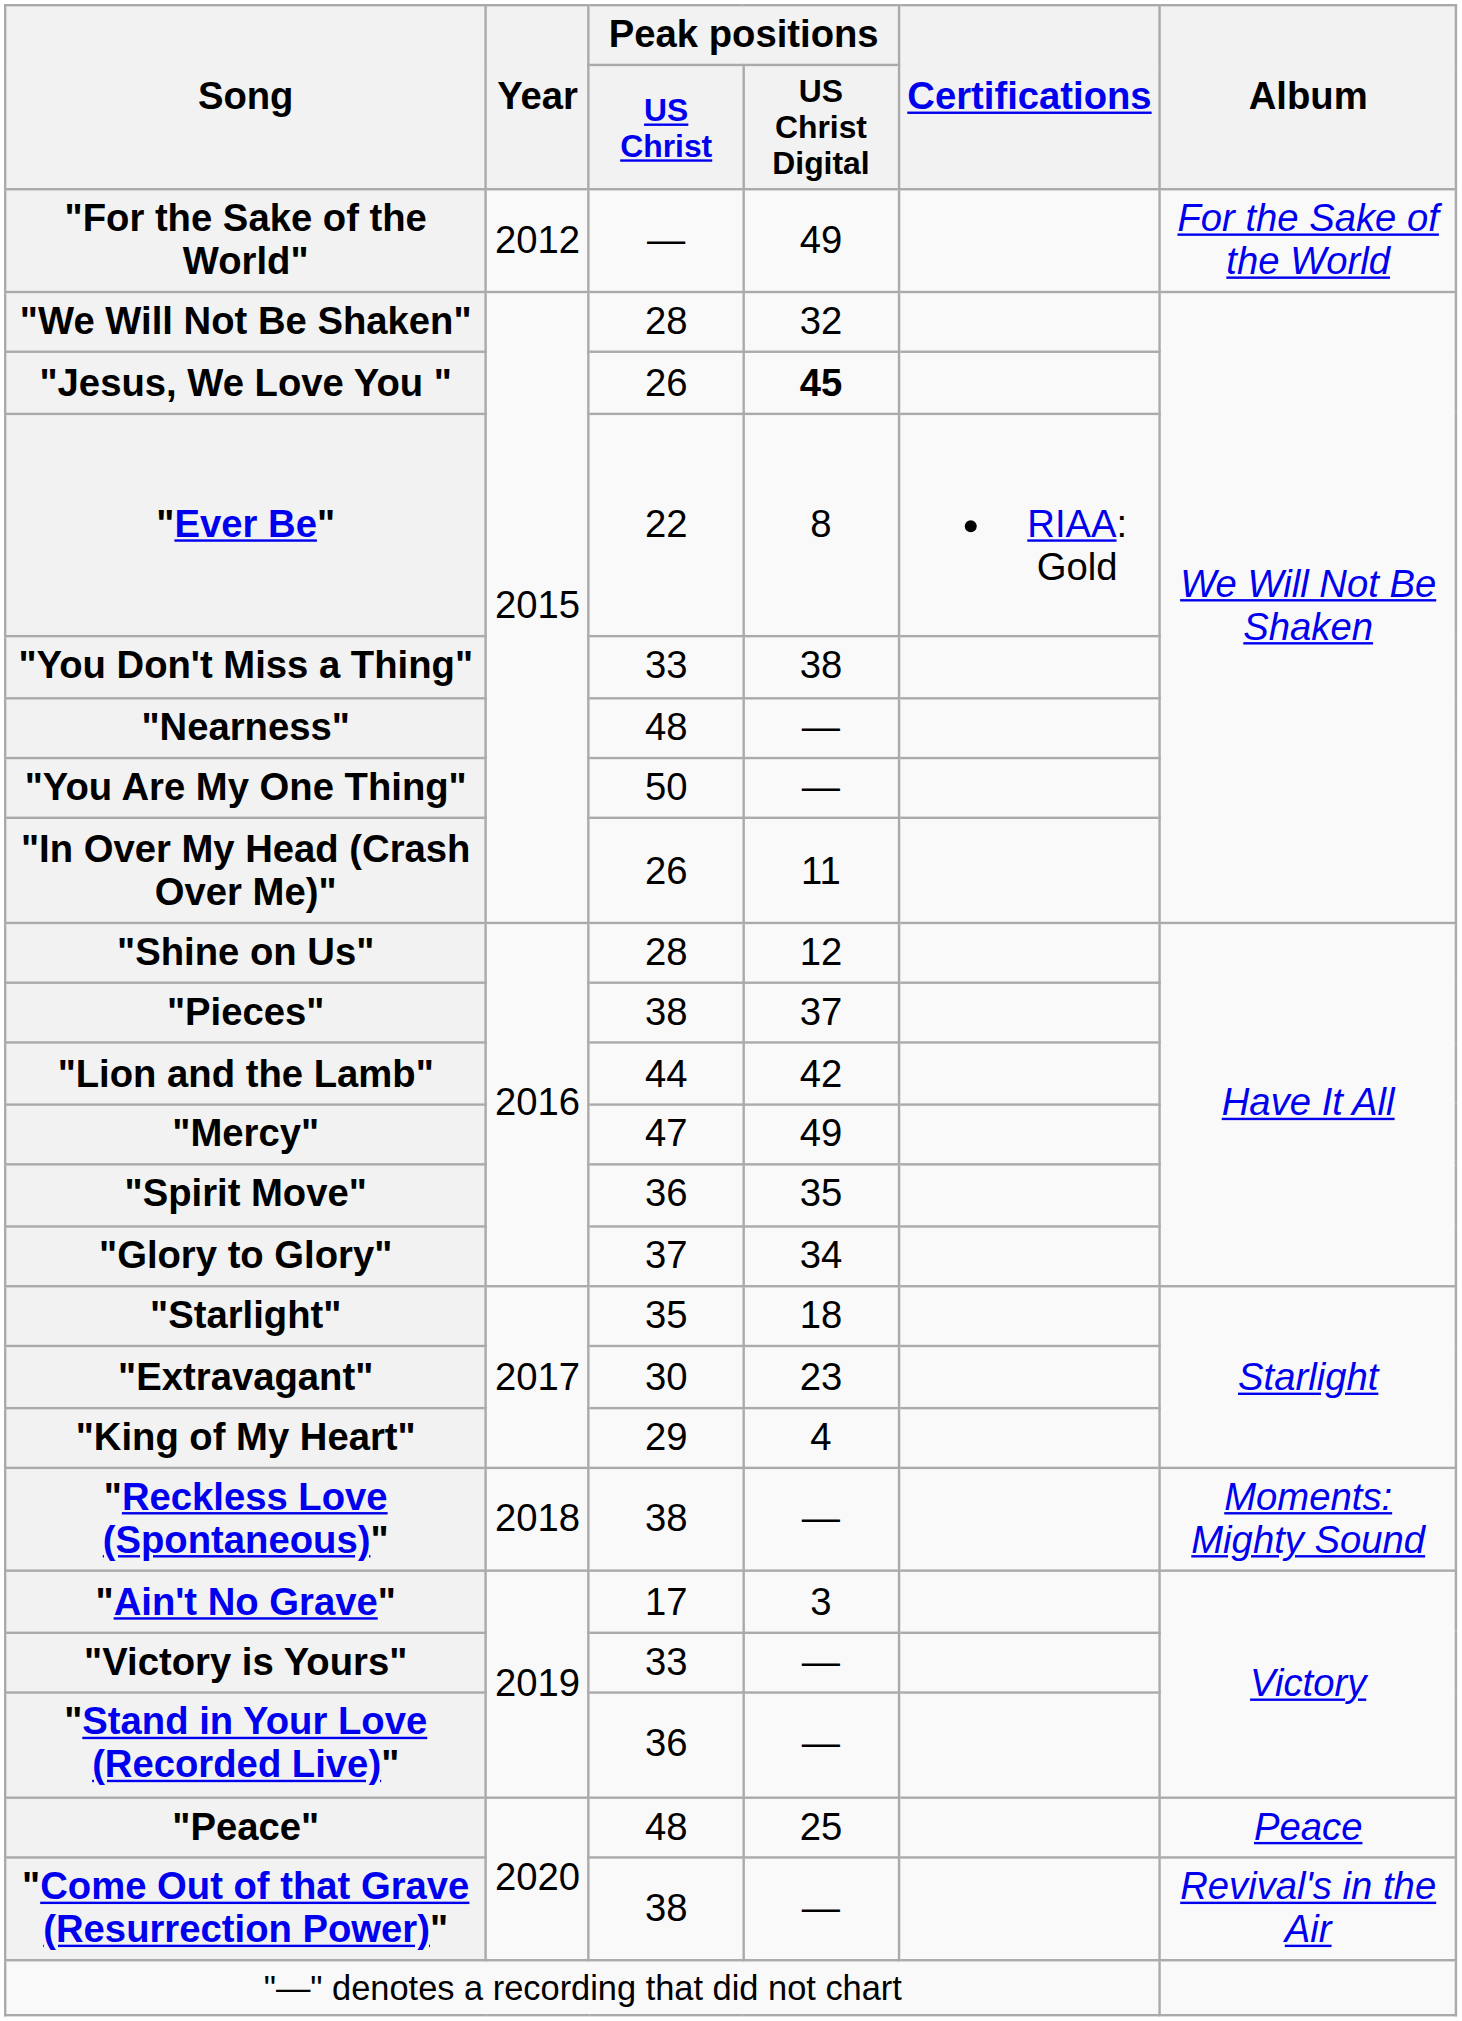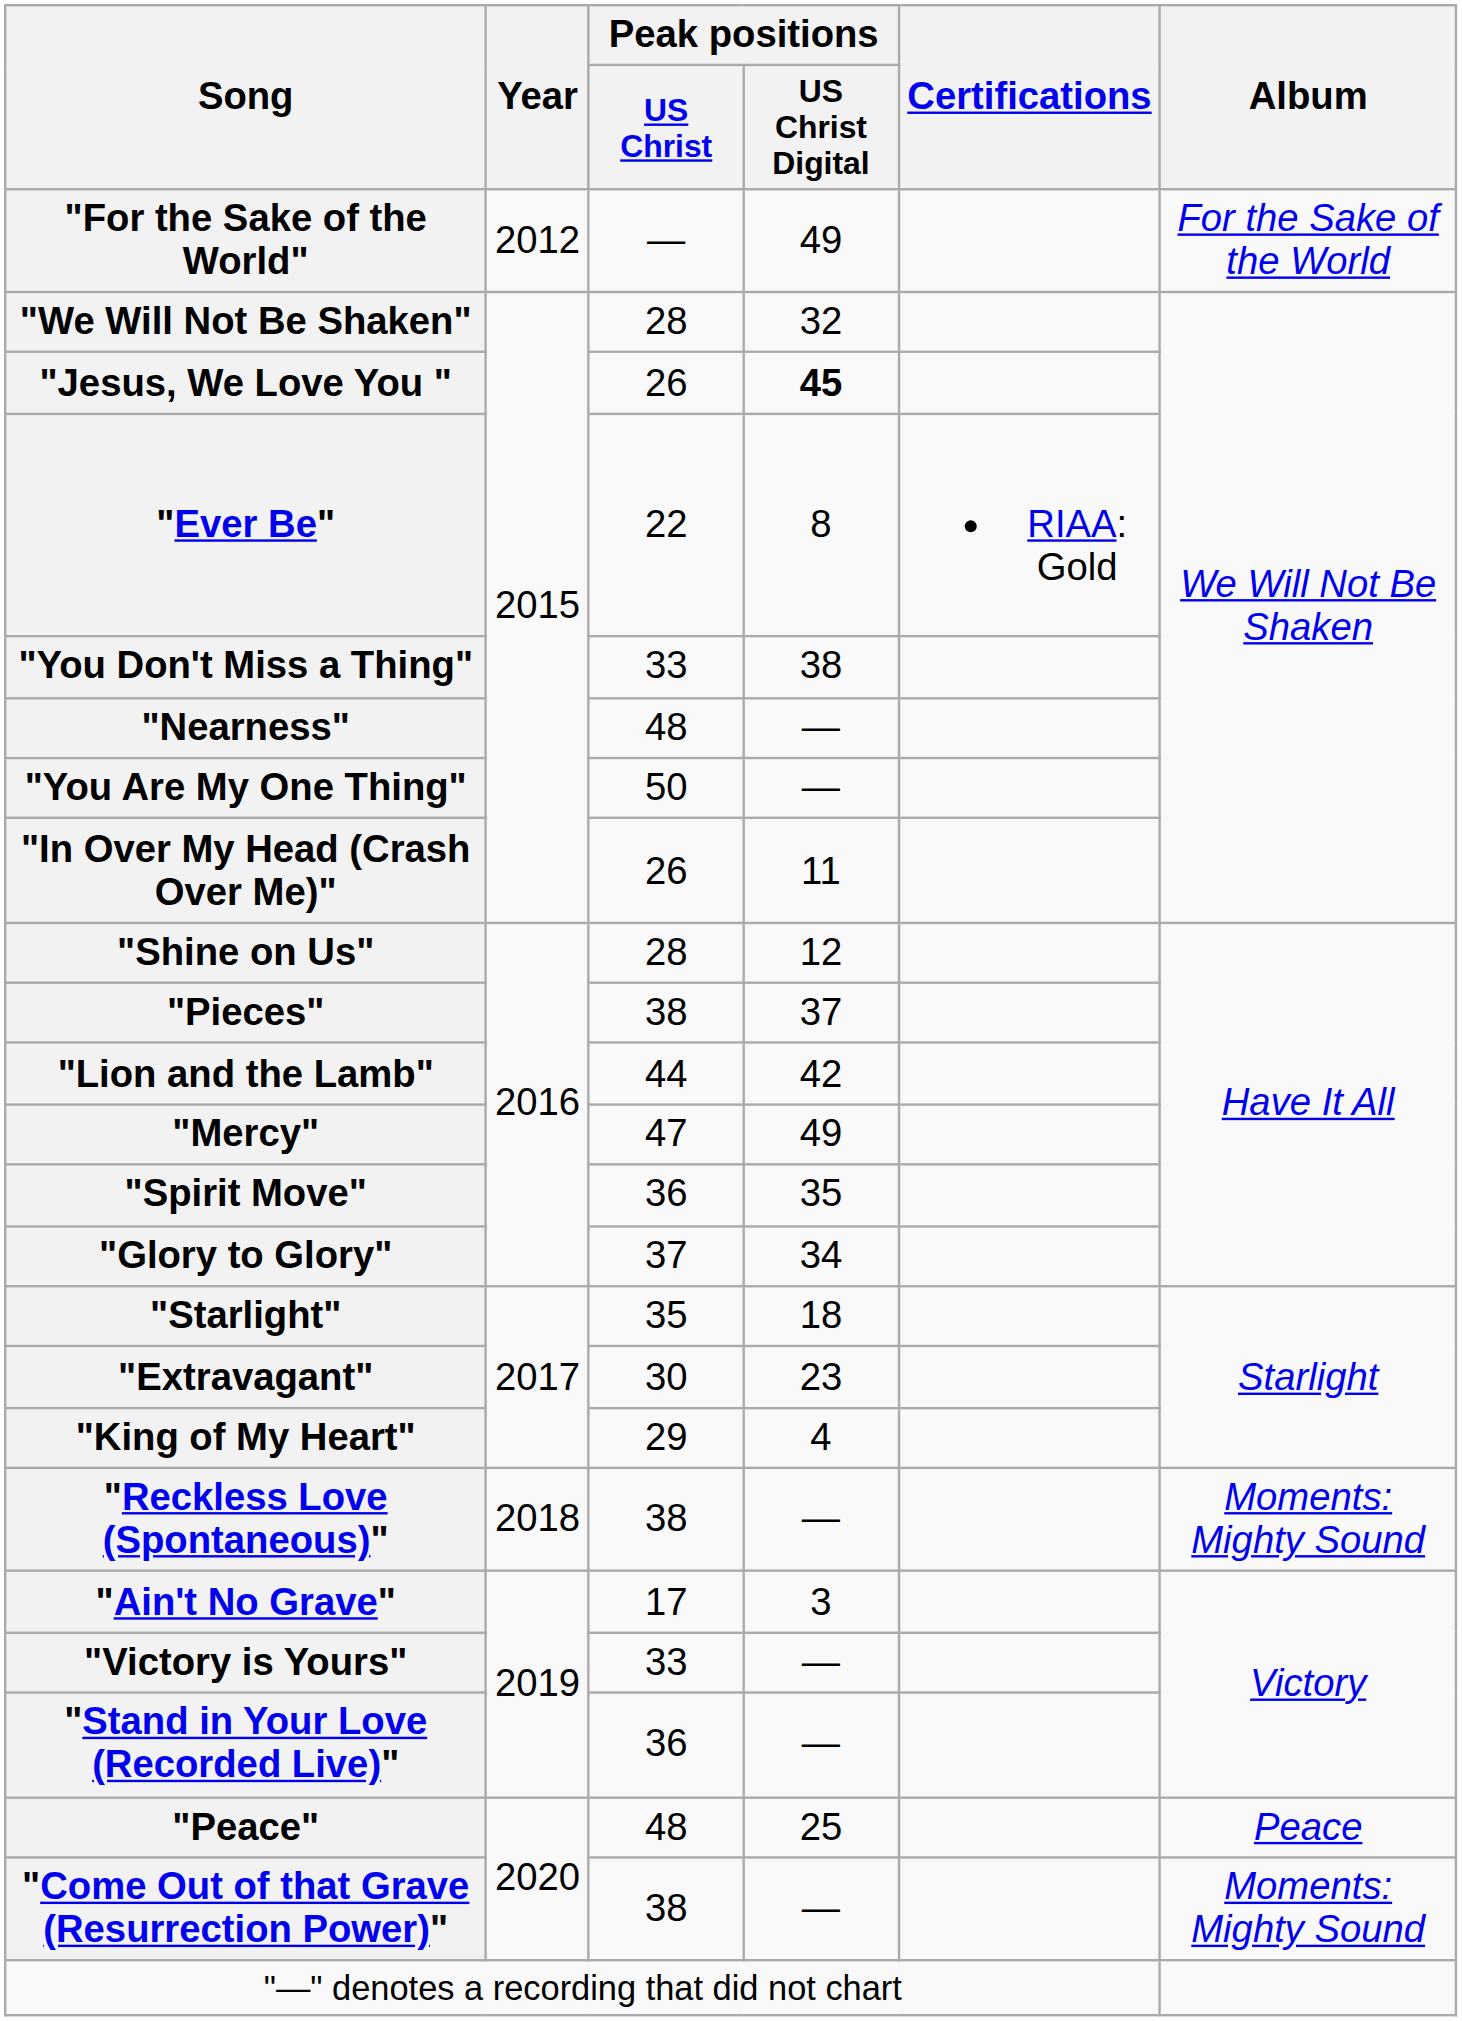 <table class="wikitable plainrowheaders" style="text-align:center;">
 <tr>
 <th rowspan="2" style="textalign:center; width:200px;">Song</th>
 <th rowspan="2" style="text-align:center; width:10px;">Year</th>
 <th style="text-align:center;" colspan="2">Peak positions</th>
 <th rowspan="2" style="text-align:center; width:60px;"><a href='#'>Certifications</a></th>
 <th rowspan="2" style="text-align:center; width:120px;">Album</th>
 </tr>
 <tr style="font-size:smaller;">
 <th width="60"><a href='#'>US<br>Christ</a><br></th>
 <th width="60">US<br>Christ Digital<br></th>
 </tr>
 <tr>
 <th scope="row">"For the Sake of the World"<br></th>
 <td>2012</td>
 <td>—</td>
 <td>49</td>
 <td></td>
 <td><em><a href='#'>For the Sake of the World</a></em></td>
 </tr>
 <tr>
 <th scope="row">"We Will Not Be Shaken"<br></th>
 <td rowspan="7">2015</td>
 <td>28</td>
 <td>32</td>
 <td></td>
 <td rowspan="7"><em><a href='#'>We Will Not Be Shaken</a></em></td>
 </tr>
 <tr>
 <th scope="row">"Jesus, We Love You "<br></th>
 <td>26</td>
 <td><strong>45</strong></td>
 <td></td>
 </tr>
 <tr>
 <th scope="row">"<a href='#'>Ever Be</a>"<br></th>
 <td>22</td>
 <td>8</td>
 <td><br><ul><li><a href='#'>RIAA</a>: Gold</li></ul></td>
 </tr>
 <tr>
 <th scope="row">"You Don't Miss a Thing"<br></th>
 <td>33</td>
 <td>38</td>
 <td></td>
 </tr>
 <tr>
 <th scope="row">"Nearness"<br></th>
 <td>48</td>
 <td>—</td>
 <td></td>
 </tr>
 <tr>
 <th scope="row">"You Are My One Thing"<br></th>
 <td>50</td>
 <td>—</td>
 <td></td>
 </tr>
 <tr>
 <th scope="row">"In Over My Head (Crash Over Me)"<br></th>
 <td>26</td>
 <td>11</td>
 <td></td>
 </tr>
 <tr>
 <th scope="row">"Shine on Us"<br></th>
 <td rowspan="6">2016</td>
 <td>28</td>
 <td>12</td>
 <td></td>
 <td rowspan="6"><em><a href='#'>Have It All</a></em></td>
 </tr>
 <tr>
 <th scope="row">"Pieces"<br></th>
 <td>38</td>
 <td>37</td>
 <td></td>
 </tr>
 <tr>
 <th scope="row">"Lion and the Lamb"<br></th>
 <td>44</td>
 <td>42</td>
 <td></td>
 </tr>
 <tr>
 <th scope="row">"Mercy"<br></th>
 <td>47</td>
 <td>49</td>
 <td></td>
 </tr>
 <tr>
 <th scope="row">"Spirit Move"<br></th>
 <td>36</td>
 <td>35</td>
 <td></td>
 </tr>
 <tr>
 <th scope="row">"Glory to Glory"<br></th>
 <td>37</td>
 <td>34</td>
 <td></td>
 </tr>
 <tr>
 <th scope="row">"Starlight"<br></th>
 <td rowspan="3">2017</td>
 <td>35</td>
 <td>18</td>
 <td></td>
 <td rowspan="3"><em><a href='#'>Starlight</a></em></td>
 </tr>
 <tr>
 <th scope="row">"Extravagant"<br></th>
 <td>30</td>
 <td>23</td>
 <td></td>
 </tr>
 <tr>
 <th scope="row">"King of My Heart"<br></th>
 <td>29</td>
 <td>4</td>
 <td></td>
 </tr>
 <tr>
 <th scope="row">"<a href='#'>Reckless Love (Spontaneous)</a>"<br></th>
 <td>2018</td>
 <td>38</td>
 <td>—</td>
 <td></td>
 <td><em><a href='#'>Moments: Mighty Sound</a></em></td>
 </tr>
 <tr>
 <th scope="row">"<a href='#'>Ain't No Grave</a>"<br></th>
 <td rowspan="3">2019</td>
 <td>17</td>
 <td>3</td>
 <td></td>
 <td rowspan="3"><em><a href='#'>Victory</a></em></td>
 </tr>
 <tr>
 <th scope="row">"Victory is Yours"<br></th>
 <td>33</td>
 <td>—</td>
 <td></td>
 </tr>
 <tr>
 <th scope="row">"<a href='#'>Stand in Your Love (Recorded Live)</a>"</th>
 <td>36</td>
 <td>—</td>
 <td></td>
 </tr>
 <tr>
 <th scope="row">"Peace"<br></th>
 <td rowspan="2">2020</td>
 <td>48</td>
 <td>25</td>
 <td></td>
 <td><em><a href='#'>Peace</a></em></td>
 </tr>
 <tr>
 <th scope="row">"<a href='#'>Come Out of that Grave (Resurrection Power)</a>"<br></th>
 <td>38</td>
 <td>—</td>
 <td></td>
-<td><em><a href='#'>Revival's in the Air</a></em></td>
+<td><em><a href='#'>Moments: Mighty Sound</a></em></td>
 </tr>
 <tr>
 <td colspan="5" style="font-size:90%">"—" denotes a recording that did not chart</td>
 </tr>
 </table>
